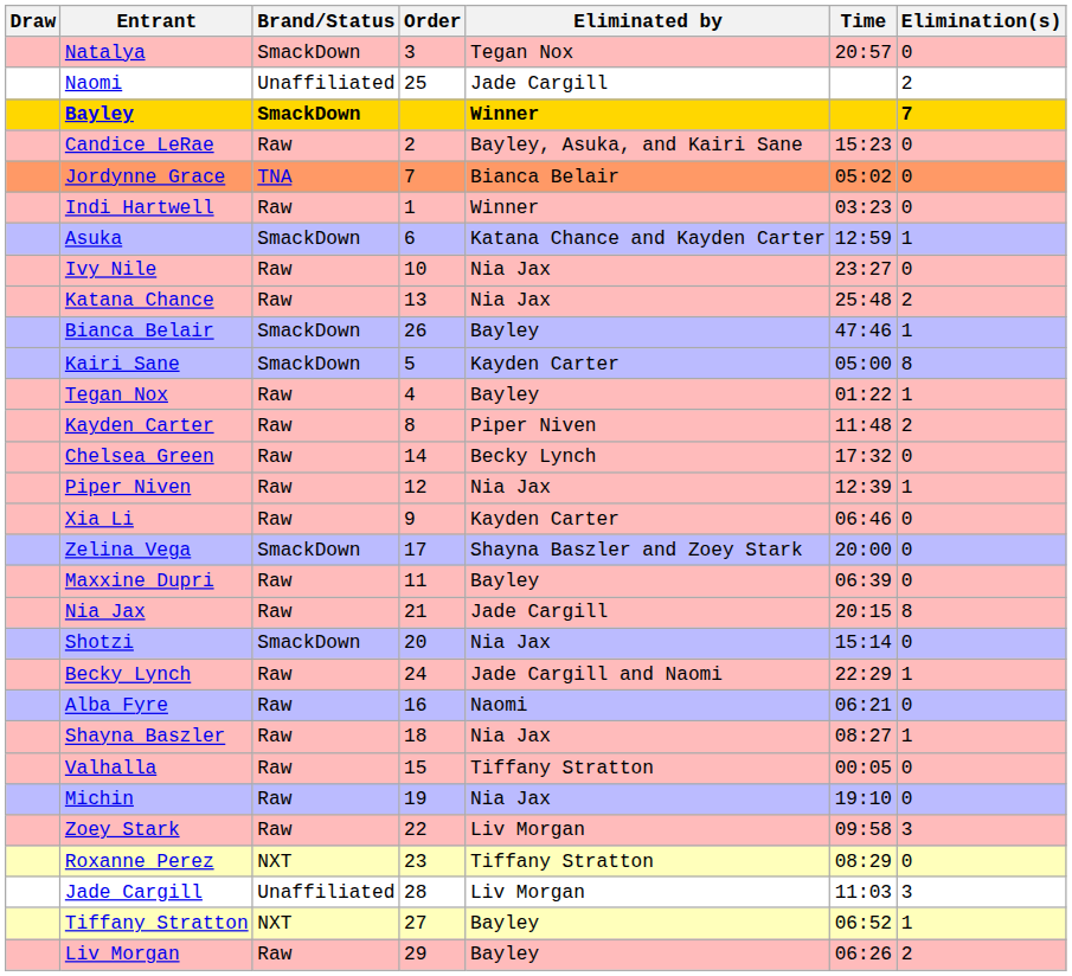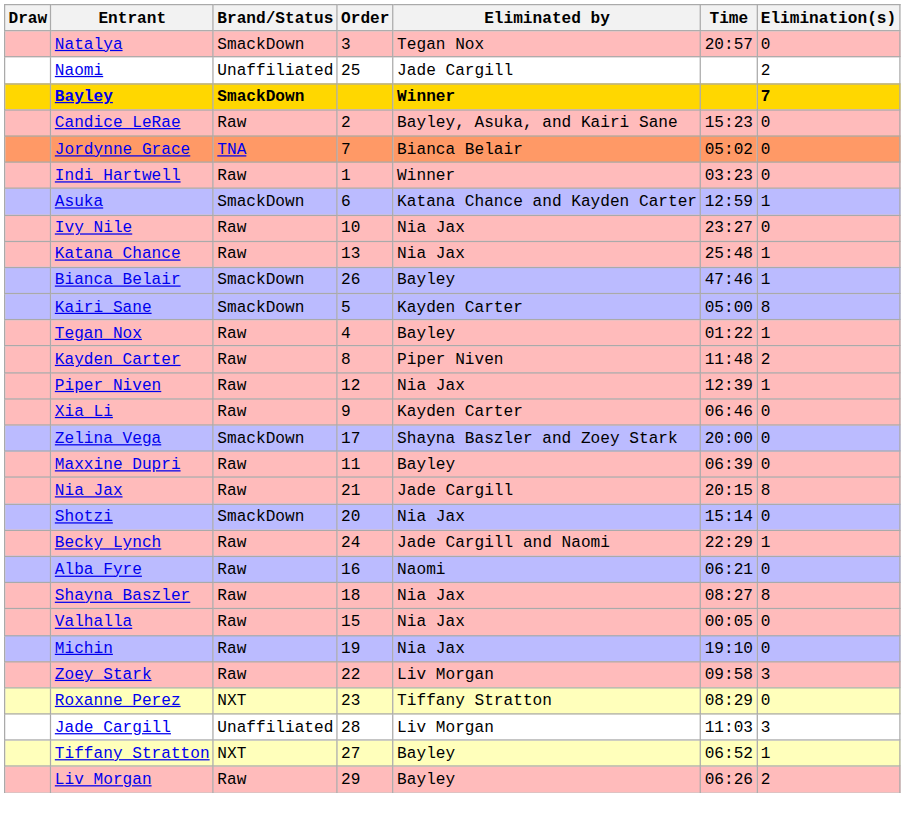 <table class="wikitable sortable">
 <tr>
 <th>Draw</th>
 <th>Entrant</th>
 <th>Brand/Status</th>
 <th>Order</th>
 <th>Eliminated by</th>
 <th>Time</th>
 <th>Elimination(s)</th>
 </tr>
 <tr style="background: #FBB;">
 <td></td>
 <td><a href='#'>Natalya</a></td>
 <td>SmackDown</td>
 <td>3</td>
 <td>Tegan Nox</td>
 <td>20:57</td>
 <td>0</td>
 </tr>
 <tr style="background: #FFF;">
 <td></td>
 <td><a href='#'>Naomi</a></td>
 <td>Unaffiliated</td>
 <td>25</td>
 <td>Jade Cargill</td>
 <td></td>
 <td>2</td>
 </tr>
 <tr style="background: gold; font-weight:bold;">
 <td></td>
 <td><a href='#'>Bayley</a></td>
 <td>SmackDown</td>
 <td></td>
 <td>Winner</td>
 <td></td>
 <td>7</td>
 </tr>
 <tr style="background: #FBB">
 <td></td>
 <td><a href='#'>Candice LeRae</a></td>
 <td>Raw</td>
 <td>2</td>
 <td>Bayley, Asuka, and Kairi Sane</td>
 <td>15:23</td>
 <td>0</td>
 </tr>
 <tr style="background: #FF9966">
 <td></td>
 <td><a href='#'>Jordynne Grace</a></td>
 <td><a href='#'>TNA</a></td>
 <td>7</td>
 <td>Bianca Belair</td>
 <td>05:02</td>
 <td>0</td>
 </tr>
 <tr style="background: #FBB">
 <td></td>
 <td><a href='#'>Indi Hartwell</a></td>
 <td>Raw</td>
 <td>1</td>
 <td>Winner</td>
 <td>03:23</td>
 <td>0</td>
 </tr>
 <tr style="background: #BBF;">
 <td></td>
 <td><a href='#'>Asuka</a></td>
 <td>SmackDown</td>
 <td>6</td>
 <td>Katana Chance and Kayden Carter</td>
 <td>12:59</td>
 <td>1</td>
 </tr>
 <tr style="background: #FBB;">
 <td></td>
 <td><a href='#'>Ivy Nile</a></td>
 <td>Raw</td>
 <td>10</td>
 <td>Nia Jax</td>
 <td>23:27</td>
 <td>0</td>
 </tr>
 <tr style="background: #FBB">
 <td></td>
 <td><a href='#'>Katana Chance</a></td>
 <td>Raw</td>
 <td>13</td>
 <td>Nia Jax</td>
 <td>25:48</td>
-<td>2</td>
+<td>1</td>
 </tr>
 <tr style="background: #BBF;">
 <td></td>
 <td><a href='#'>Bianca Belair</a></td>
 <td>SmackDown</td>
 <td>26</td>
 <td>Bayley</td>
 <td>47:46</td>
 <td>1</td>
 </tr>
 <tr style="background: #BBF;">
 <td></td>
 <td><a href='#'>Kairi Sane</a></td>
 <td>SmackDown</td>
 <td>5</td>
 <td>Kayden Carter</td>
 <td>05:00</td>
 <td>8</td>
 </tr>
 <tr style="background: #FBB;">
 <td></td>
 <td><a href='#'>Tegan Nox</a></td>
 <td>Raw</td>
 <td>4</td>
 <td>Bayley</td>
 <td>01:22</td>
 <td>1</td>
 </tr>
 <tr style="background: #FBB;">
 <td></td>
 <td><a href='#'>Kayden Carter</a></td>
 <td>Raw</td>
 <td>8</td>
 <td>Piper Niven</td>
 <td>11:48</td>
 <td>2</td>
-</tr>
-<tr style="background: #FBB;">
-<td></td>
-<td><a href='#'>Chelsea Green</a></td>
-<td>Raw</td>
-<td>14</td>
-<td>Becky Lynch</td>
-<td>17:32</td>
-<td>0</td>
 </tr>
 <tr style="background: #FBB;">
 <td></td>
 <td><a href='#'>Piper Niven</a></td>
 <td>Raw</td>
 <td>12</td>
 <td>Nia Jax</td>
 <td>12:39</td>
 <td>1</td>
 </tr>
 <tr style="background: #FBB;">
 <td></td>
 <td><a href='#'>Xia Li</a></td>
 <td>Raw</td>
 <td>9</td>
 <td>Kayden Carter</td>
 <td>06:46</td>
 <td>0</td>
 </tr>
 <tr style="background: #BBF;">
 <td></td>
 <td><a href='#'>Zelina Vega</a></td>
 <td>SmackDown</td>
 <td>17</td>
 <td>Shayna Baszler and Zoey Stark</td>
 <td>20:00</td>
 <td>0</td>
 </tr>
 <tr style="background: #FBB;">
 <td></td>
 <td><a href='#'>Maxxine Dupri</a></td>
 <td>Raw</td>
 <td>11</td>
 <td>Bayley</td>
 <td>06:39</td>
 <td>0</td>
 </tr>
 <tr style="background: #FBB;">
 <td></td>
 <td><a href='#'>Nia Jax</a></td>
 <td>Raw</td>
 <td>21</td>
 <td>Jade Cargill</td>
 <td>20:15</td>
 <td>8</td>
 </tr>
 <tr style="background: #BBF;">
 <td></td>
 <td><a href='#'>Shotzi</a></td>
 <td>SmackDown</td>
 <td>20</td>
 <td>Nia Jax</td>
 <td>15:14</td>
 <td>0</td>
 </tr>
 <tr style="background: #FBB;">
 <td></td>
 <td><a href='#'>Becky Lynch</a></td>
 <td>Raw</td>
 <td>24</td>
 <td>Jade Cargill and Naomi</td>
 <td>22:29</td>
 <td>1</td>
 </tr>
 <tr style="background: #BBF;">
 <td></td>
 <td><a href='#'>Alba Fyre</a></td>
 <td>Raw</td>
 <td>16</td>
 <td>Naomi</td>
 <td>06:21</td>
 <td>0</td>
 </tr>
 <tr style="background: #FBB;">
 <td></td>
 <td><a href='#'>Shayna Baszler</a></td>
 <td>Raw</td>
 <td>18</td>
 <td>Nia Jax</td>
 <td>08:27</td>
-<td>1</td>
+<td>8</td>
 </tr>
 <tr style="background: #FBB;">
 <td></td>
 <td><a href='#'>Valhalla</a></td>
 <td>Raw</td>
 <td>15</td>
-<td>Tiffany Stratton</td>
+<td>Nia Jax</td>
 <td>00:05</td>
 <td>0</td>
 </tr>
 <tr style="background: #BBF;">
 <td></td>
 <td><a href='#'>Michin</a></td>
 <td>Raw</td>
 <td>19</td>
 <td>Nia Jax</td>
 <td>19:10</td>
 <td>0</td>
 </tr>
 <tr style="background: #FBB;">
 <td></td>
 <td><a href='#'>Zoey Stark</a></td>
 <td>Raw</td>
 <td>22</td>
 <td>Liv Morgan</td>
 <td>09:58</td>
 <td>3</td>
 </tr>
 <tr style="background: #FFB;">
 <td></td>
 <td><a href='#'>Roxanne Perez</a></td>
 <td>NXT</td>
 <td>23</td>
 <td>Tiffany Stratton</td>
 <td>08:29</td>
 <td>0</td>
 </tr>
 <tr style="background: #FFF;">
 <td></td>
 <td><a href='#'>Jade Cargill</a></td>
 <td>Unaffiliated</td>
 <td>28</td>
 <td>Liv Morgan</td>
 <td>11:03</td>
 <td>3</td>
 </tr>
 <tr style="background: #FFB;">
 <td></td>
 <td><a href='#'>Tiffany Stratton</a></td>
 <td>NXT</td>
 <td>27</td>
 <td>Bayley</td>
 <td>06:52</td>
 <td>1</td>
 </tr>
 <tr style="background: #FBB;">
 <td></td>
 <td><a href='#'>Liv Morgan</a></td>
 <td>Raw</td>
 <td>29</td>
 <td>Bayley</td>
 <td>06:26</td>
 <td>2</td>
 </tr>
 </table>
